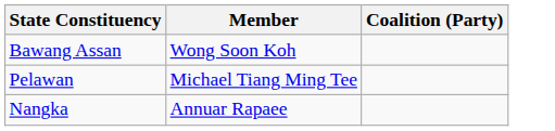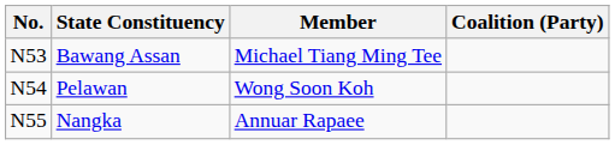 <table class="wikitable">
 <tr>
+<th>No.</th>
 <th>State Constituency</th>
 <th>Member</th>
 <th>Coalition (Party)</th>
 </tr>
 <tr>
+<td>N53</td>
 <td><a href='#'>Bawang Assan</a></td>
+<td><a href='#'>Michael Tiang Ming Tee</a></td>
+<td></td>
+</tr>
+<tr>
+<td>N54</td>
+<td><a href='#'>Pelawan</a></td>
 <td><a href='#'>Wong Soon Koh</a></td>
 <td></td>
 </tr>
 <tr>
-<td><a href='#'>Pelawan</a></td>
-<td><a href='#'>Michael Tiang Ming Tee</a></td>
-<td></td>
-</tr>
-<tr>
+<td>N55</td>
 <td><a href='#'>Nangka</a></td>
 <td><a href='#'>Annuar Rapaee</a></td>
 <td></td>
 </tr>
 </table>
